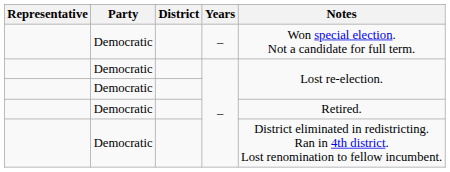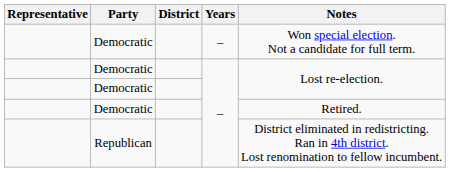 <table class="wikitable sortable" style="text-align:center">
 <tr valign=bottom>
 <th>Representative</th>
 <th>Party</th>
 <th>District</th>
 <th>Years</th>
 <th>Notes</th>
 </tr>
 <tr>
 <td align=left></td>
 <td>Democratic</td>
 <td></td>
 <td nowrap> –<br></td>
 <td>Won <a href='#'>special election</a>.<br>Not a candidate for full term.</td>
 </tr>
 <tr>
 <td align=left></td>
 <td>Democratic</td>
 <td></td>
 <td rowspan="4" nowrap=""> –<br></td>
 <td rowspan="2">Lost re-election.</td>
 </tr>
 <tr>
 <td align=left></td>
 <td>Democratic</td>
 <td></td>
 </tr>
 <tr>
 <td align=left></td>
 <td>Democratic</td>
 <td></td>
 <td>Retired.</td>
 </tr>
 <tr>
 <td align=left></td>
-<td>Democratic</td>
+<td>Republican</td>
 <td></td>
 <td>District eliminated in redistricting.<br>Ran in <a href='#'>4th district</a>.<br>Lost renomination to fellow incumbent.</td>
 </tr>
 </table>
